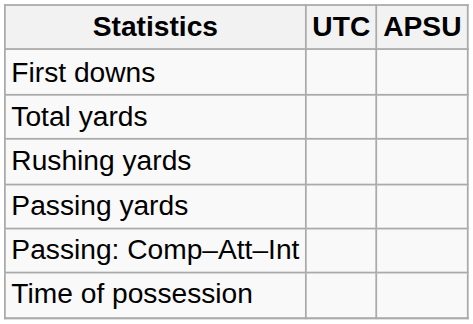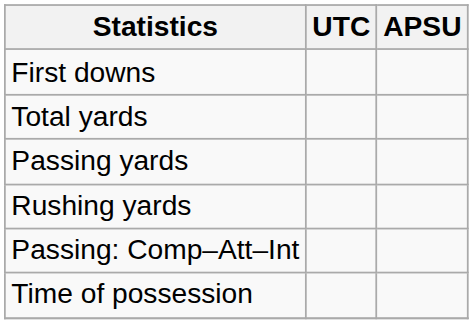 <table class="wikitable" style="float: left;">
 <tr>
 <th>Statistics</th>
 <th>UTC</th>
 <th>APSU</th>
 </tr>
 <tr>
 <td>First downs</td>
 <td></td>
 <td></td>
 </tr>
 <tr>
 <td>Total yards</td>
 <td></td>
 <td></td>
 </tr>
 <tr>
-<td>Rushing yards</td>
+<td>Passing yards</td>
 <td></td>
 <td></td>
 </tr>
 <tr>
-<td>Passing yards</td>
+<td>Rushing yards</td>
 <td></td>
 <td></td>
 </tr>
 <tr>
 <td>Passing: Comp–Att–Int</td>
 <td></td>
 <td></td>
 </tr>
 <tr>
 <td>Time of possession</td>
 <td></td>
 <td></td>
 </tr>
 <tr>
 </tr>
 </table>
